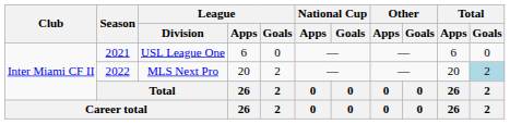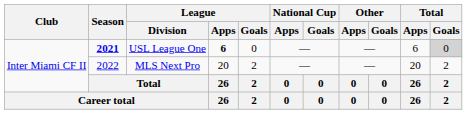 <table class="wikitable" style="text-align: center;">
 <tr>
 <th rowspan=2>Club</th>
 <th rowspan=2>Season</th>
 <th colspan=3>League</th>
 <th colspan=2>National Cup</th>
 <th colspan=2>Other</th>
 <th colspan=2>Total</th>
 </tr>
 <tr>
 <th>Division</th>
 <th>Apps</th>
 <th>Goals</th>
 <th>Apps</th>
 <th>Goals</th>
 <th>Apps</th>
 <th>Goals</th>
 <th>Apps</th>
 <th>Goals</th>
 </tr>
 <tr>
 <td rowspan=3><a href='#'>Inter Miami CF II</a></td>
-<td><a href='#'>2021</a></td>
+<td><strong><a href='#'>2021</a></strong></td>
 <td><a href='#'>USL League One</a></td>
-<td>6</td>
+<td><strong>6</strong></td>
 <td>0</td>
 <td colspan=2>—</td>
 <td colspan=2>—</td>
 <td>6</td>
-<td>0</td>
+<td style="background: lightgrey;">0</td>
 </tr>
 <tr>
 <td><a href='#'>2022</a></td>
 <td><a href='#'>MLS Next Pro</a></td>
 <td>20</td>
 <td>2</td>
 <td colspan="2">—</td>
 <td colspan=2>—</td>
 <td>20</td>
-<td style="background: lightblue;">2</td>
+<td>2</td>
 </tr>
 <tr>
 <th colspan="2">Total</th>
 <th>26</th>
 <th>2</th>
 <th>0</th>
 <th>0</th>
 <th>0</th>
 <th>0</th>
 <th>26</th>
 <th>2</th>
 </tr>
 <tr>
 <th colspan=3>Career total</th>
 <th>26</th>
 <th>2</th>
 <th>0</th>
 <th>0</th>
 <th>0</th>
 <th>0</th>
 <th>26</th>
 <th>2</th>
 </tr>
 </table>
